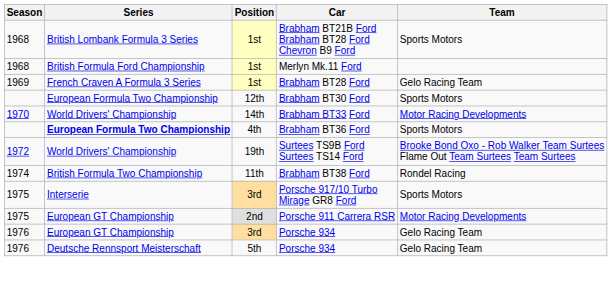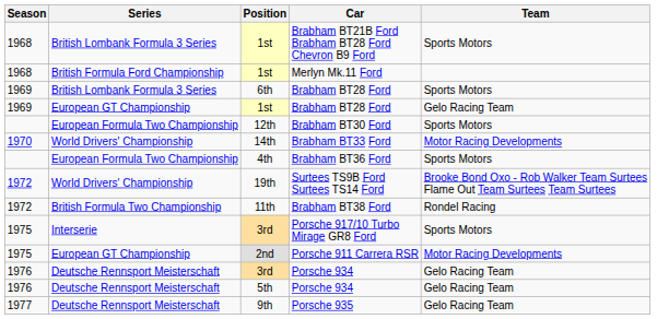 <table class="wikitable" style="font-size: 95%;">
 <tr>
 <th>Season</th>
 <th>Series</th>
 <th>Position</th>
 <th>Car</th>
 <th>Team</th>
 </tr>
 <tr>
 <td>1968</td>
 <td><a href='#'>British Lombank Formula 3 Series</a></td>
 <td align="center" style="background:#ffffbf;">1st</td>
 <td><a href='#'>Brabham</a> BT21B <a href='#'>Ford</a><br><a href='#'>Brabham</a> BT28 <a href='#'>Ford</a><br><a href='#'>Chevron</a> B9 <a href='#'>Ford</a></td>
 <td>Sports Motors</td>
 </tr>
 <tr>
 <td>1968</td>
 <td><a href='#'>British Formula Ford Championship</a></td>
 <td align="center" style="background:#ffffbf;">1st</td>
 <td>Merlyn Mk.11 <a href='#'>Ford</a></td>
 <td></td>
 </tr>
 <tr>
 <td>1969</td>
-<td><a href='#'>French Craven A Formula 3 Series</a></td>
+<td><a href='#'>British Lombank Formula 3 Series</a></td>
+<td align="center">6th</td>
+<td><a href='#'>Brabham</a> BT28 <a href='#'>Ford</a></td>
+<td>Sports Motors</td>
+</tr>
+<tr>
+<td>1969</td>
+<td><a href='#'>European GT Championship</a></td>
 <td align="center" style="background:#ffffbf;">1st</td>
 <td><a href='#'>Brabham</a> BT28 <a href='#'>Ford</a></td>
 <td>Gelo Racing Team</td>
 </tr>
 <tr>
 <td></td>
 <td><a href='#'>European Formula Two Championship</a></td>
 <td align="center">12th</td>
 <td><a href='#'>Brabham</a> BT30 <a href='#'>Ford</a></td>
 <td>Sports Motors</td>
 </tr>
 <tr>
 <td><a href='#'>1970</a></td>
 <td><a href='#'>World Drivers' Championship</a></td>
 <td align="center">14th</td>
 <td><a href='#'>Brabham BT33</a> <a href='#'>Ford</a></td>
 <td><a href='#'>Motor Racing Developments</a></td>
 </tr>
 <tr>
 <td></td>
-<td><strong><a href='#'>European Formula Two Championship</a></strong></td>
+<td><a href='#'>European Formula Two Championship</a></td>
 <td align="center">4th</td>
 <td><a href='#'>Brabham</a> BT36 <a href='#'>Ford</a></td>
 <td>Sports Motors</td>
 </tr>
 <tr>
 <td><a href='#'>1972</a></td>
 <td><a href='#'>World Drivers' Championship</a></td>
 <td align="center">19th</td>
 <td><a href='#'>Surtees</a> TS9B <a href='#'>Ford</a><br><a href='#'>Surtees</a> TS14 <a href='#'>Ford</a></td>
 <td><a href='#'>Brooke Bond Oxo - Rob Walker Team Surtees</a><br>Flame Out <a href='#'>Team Surtees</a> <a href='#'>Team Surtees</a></td>
 </tr>
 <tr>
-<td>1974</td>
+<td>1972</td>
 <td><a href='#'>British Formula Two Championship</a></td>
 <td align="center">11th</td>
 <td><a href='#'>Brabham</a> BT38 <a href='#'>Ford</a></td>
 <td>Rondel Racing</td>
 </tr>
 <tr>
 <td>1975</td>
 <td><a href='#'>Interserie</a></td>
 <td align="center" style="background:#ffdf9f;">3rd</td>
 <td><a href='#'>Porsche 917/10 Turbo</a><br><a href='#'>Mirage</a> GR8 <a href='#'>Ford</a></td>
 <td>Sports Motors</td>
 </tr>
 <tr>
 <td>1975</td>
 <td><a href='#'>European GT Championship</a></td>
 <td align="center" style="background:#dfdfdf;">2nd</td>
 <td><a href='#'>Porsche 911 Carrera RSR</a></td>
 <td><a href='#'>Motor Racing Developments</a></td>
 </tr>
 <tr>
 <td>1976</td>
-<td><a href='#'>European GT Championship</a></td>
+<td><a href='#'>Deutsche Rennsport Meisterschaft</a></td>
 <td align="center" style="background:#ffdf9f;">3rd</td>
 <td><a href='#'>Porsche 934</a></td>
 <td>Gelo Racing Team</td>
 </tr>
 <tr>
 <td>1976</td>
 <td><a href='#'>Deutsche Rennsport Meisterschaft</a></td>
 <td align="center">5th</td>
 <td><a href='#'>Porsche 934</a></td>
 <td>Gelo Racing Team</td>
 </tr>
+<tr>
+<td>1977</td>
+<td><a href='#'>Deutsche Rennsport Meisterschaft</a></td>
+<td align="center">9th</td>
+<td><a href='#'>Porsche 935</a></td>
+<td>Gelo Racing Team</td>
+</tr>
 </table>
